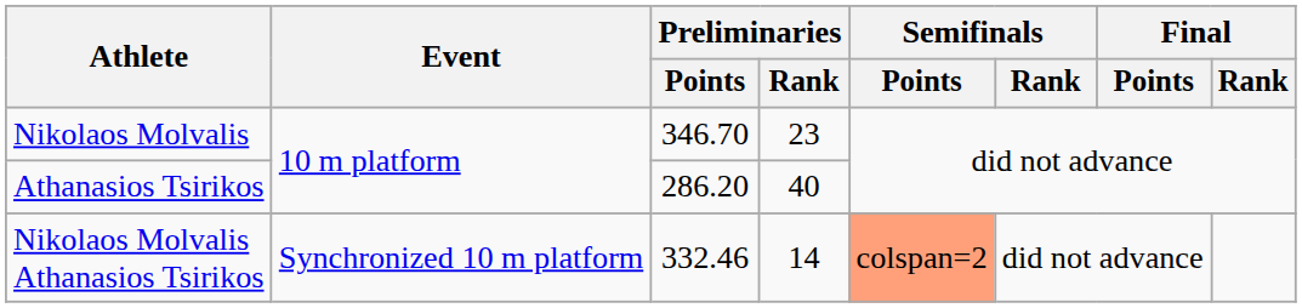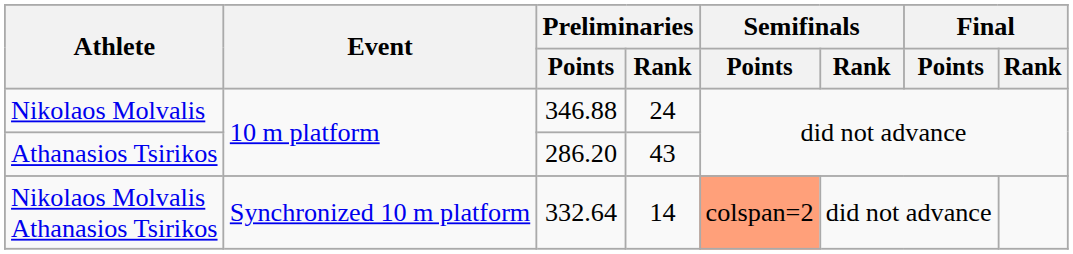 <table class=wikitable style="font-size:90%;">
 <tr>
 <th rowspan="2">Athlete</th>
 <th rowspan="2">Event</th>
 <th colspan="2">Preliminaries</th>
 <th colspan="2">Semifinals</th>
 <th colspan="2">Final</th>
 </tr>
 <tr style="font-size:95%">
 <th>Points</th>
 <th>Rank</th>
 <th>Points</th>
 <th>Rank</th>
 <th>Points</th>
 <th>Rank</th>
 </tr>
 <tr align=center>
 <td align=left><a href='#'>Nikolaos Molvalis</a></td>
 <td align=left rowspan=2><a href='#'>10 m platform</a></td>
-<td>346.70</td>
-<td>23</td>
+<td>346.88</td>
+<td>24</td>
 <td rowspan=2 colspan=4>did not advance</td>
 </tr>
 <tr align=center>
 <td align=left><a href='#'>Athanasios Tsirikos</a></td>
 <td>286.20</td>
-<td>40</td>
+<td>43</td>
 </tr>
 <tr align=center>
 <td align=left><a href='#'>Nikolaos Molvalis</a><br><a href='#'>Athanasios Tsirikos</a></td>
 <td align=left><a href='#'>Synchronized 10 m platform</a></td>
-<td>332.46</td>
+<td>332.64</td>
 <td>14</td>
 <td style="background: lightsalmon;">colspan=2 </td>
 <td colspan=2>did not advance</td>
 </tr>
 </table>
